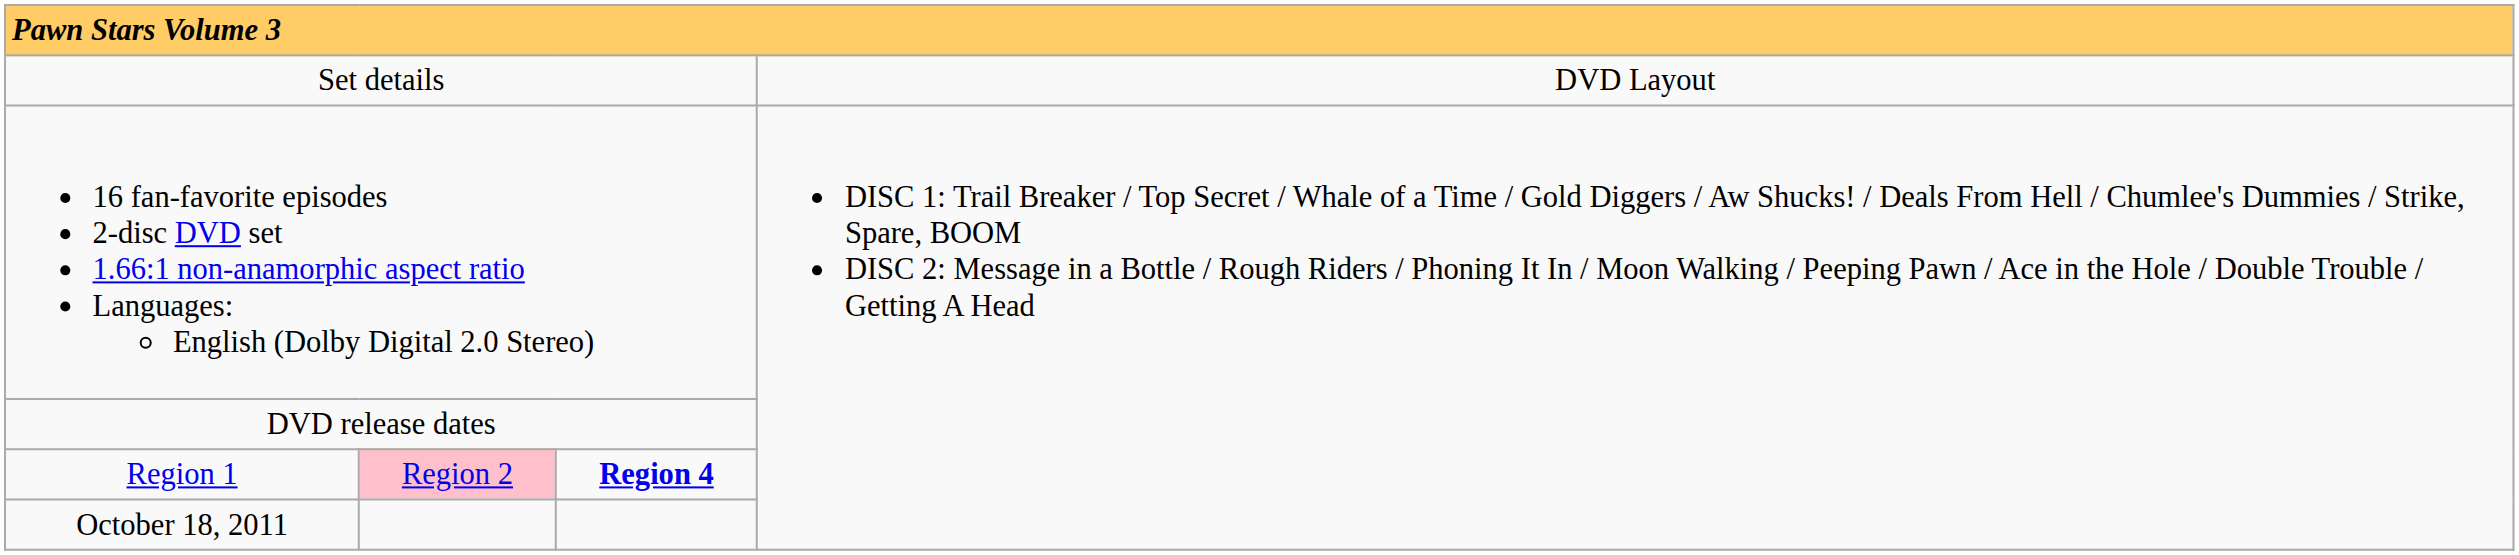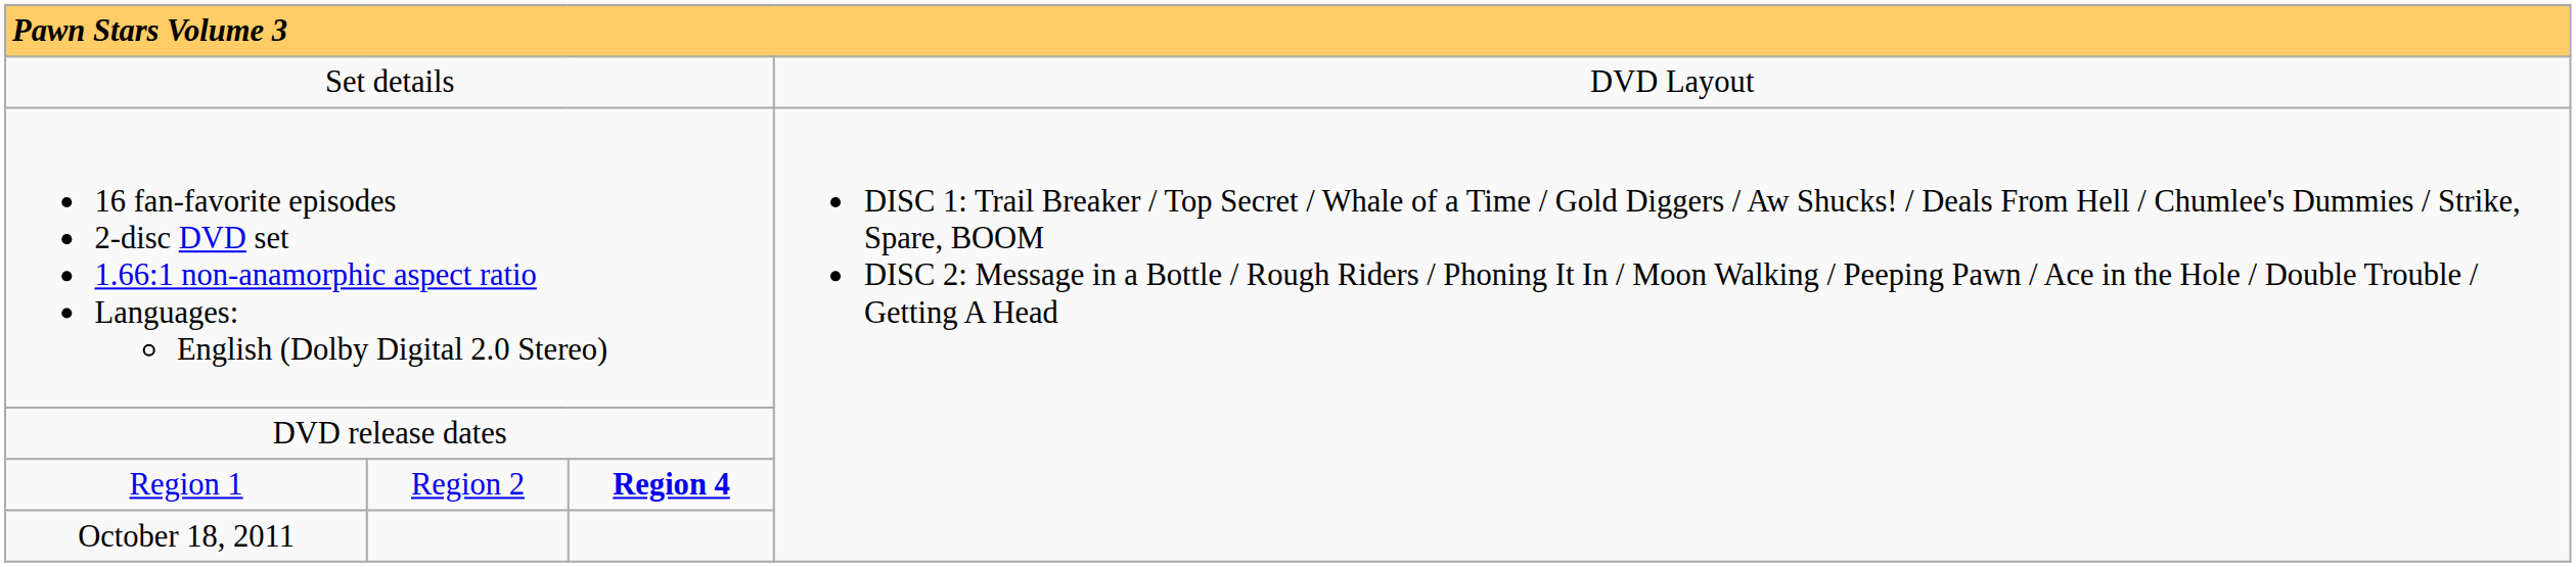 <table class="wikitable" style="font-size: 95%;">
 <tr style="background:#EFEFEF">
 <td colspan="5" style="background-color: #fc6;"><strong><em>Pawn Stars<em> Volume 3<strong></td>
 </tr>
 <tr valign="top">
 <td align="center" width="30%" colspan="3"></strong>Set details<strong></td>
 <td width="70%" align="center"></strong>DVD Layout<strong></td>
 </tr>
 <tr valign="top">
 <td colspan="3" align="left" width="30%"><br><ul><li>16 fan-favorite episodes</li><li>2-disc <a href='#'>DVD</a> set</li><li><a href='#'>1.66:1 non-anamorphic aspect ratio</a></li><li>Languages:<ul><li>English (Dolby Digital 2.0 Stereo)</li></ul></li></ul></td>
 <td rowspan="4" align="left" width="70%"><br><ul><li>DISC 1: Trail Breaker / Top Secret / Whale of a Time / Gold Diggers / Aw Shucks! / Deals From Hell / Chumlee's Dummies / Strike, Spare, BOOM</li><li>DISC 2: Message in a Bottle / Rough Riders / Phoning It In / Moon Walking / Peeping Pawn / Ace in the Hole / Double Trouble / Getting A Head</li></ul></td>
 </tr>
 <tr>
 <td colspan="3" align="center"></strong>DVD release dates<strong></td>
 </tr>
 <tr>
 <td align="center"><a href='#'>Region 1</a></td>
-<td align="center" style="background: pink;"><a href='#'>Region 2</a></td>
+<td align="center"><a href='#'>Region 2</a></td>
 <td align="center"><strong><a href='#'>Region 4</a></strong></td>
 </tr>
 <tr>
 <td align="center">October 18, 2011</td>
 <td></td>
 <td></td>
 </tr>
 </table>
